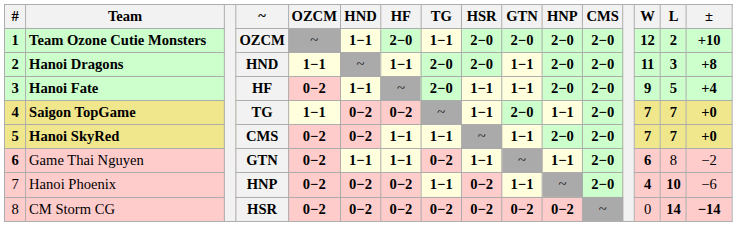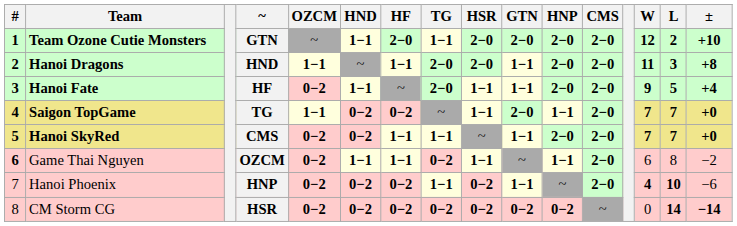 <table class="wikitable" style="font-size: 95%; text-align: center">
 <tr>
 <th style="width:15px;">#</th>
 <th style="width:200px;">Team</th>
 <th rowspan="9" style="width:5px;;"></th>
 <th>~</th>
 <th style="width:35px;" title="">OZCM</th>
 <th style="width:35px;" title="">HND</th>
 <th style="width:35px;" title="">HF</th>
 <th style="width:35px;" title="">TG</th>
 <th style="width:35px;" title="">HSR</th>
 <th style="width:35px;" title="">GTN</th>
 <th style="width:35px;" title="">HNP</th>
 <th style="width:35px;" title="">CMS</th>
 <th rowspan="9" style="width:5px;;"></th>
 <th style="width:20px;" title="Wins">W</th>
 <th style="width:20px;" title="Losses">L</th>
 <th style="width:40px;">±</th>
 </tr>
 <tr style="background:#cfc;">
 <td><strong>1</strong></td>
 <td style="text-align: left"><strong>Team Ozone Cutie Monsters</strong></td>
-<th>OZCM</th>
+<th>GTN</th>
 <td style="background:#aaa;">~</td>
 <td style="background:#ffd;"><strong>1−1</strong></td>
 <td style="background:#cfc;"><strong>2−0</strong></td>
 <td style="background:#ffd;"><strong>1−1</strong></td>
 <td style="background:#cfc;"><strong>2−0</strong></td>
 <td style="background:#cfc;"><strong>2−0</strong></td>
 <td style="background:#cfc;"><strong>2−0</strong></td>
 <td style="background:#cfc;"><strong>2−0</strong></td>
 <td><strong>12</strong></td>
 <td><strong>2</strong></td>
 <td><strong>+10</strong></td>
 </tr>
 <tr style="background:#cfc;">
 <td><strong>2</strong></td>
 <td style="text-align: left"><strong>Hanoi Dragons</strong></td>
 <th>HND</th>
 <td style="background:#ffd;"><strong>1−1</strong></td>
 <td style="background:#aaa;">~</td>
 <td style="background:#ffd;"><strong>1−1</strong></td>
 <td style="background:#cfc;"><strong>2−0</strong></td>
 <td style="background:#cfc;"><strong>2−0</strong></td>
 <td style="background:#ffd;"><strong>1−1</strong></td>
 <td style="background:#cfc;"><strong>2−0</strong></td>
 <td style="background:#cfc;"><strong>2−0</strong></td>
 <td><strong>11</strong></td>
 <td><strong>3</strong></td>
 <td><strong>+8</strong></td>
 </tr>
 <tr style="background:#cfc;">
 <td><strong>3</strong></td>
 <td style="text-align: left"><strong>Hanoi Fate</strong></td>
 <th>HF</th>
 <td style="background:#fcc;"><strong>0−2</strong></td>
 <td style="background:#ffd;"><strong>1−1</strong></td>
 <td style="background:#aaa;">~</td>
 <td style="background:#cfc;"><strong>2−0</strong></td>
 <td style="background:#ffd;"><strong>1−1</strong></td>
 <td style="background:#ffd;"><strong>1−1</strong></td>
 <td style="background:#cfc;"><strong>2−0</strong></td>
 <td style="background:#cfc;"><strong>2−0</strong></td>
 <td><strong>9</strong></td>
 <td><strong>5</strong></td>
 <td><strong>+4</strong></td>
 </tr>
 <tr style="background:#F0E68C;">
 <td><strong>4</strong></td>
 <td style="text-align: left"><strong>Saigon TopGame</strong></td>
 <th>TG</th>
 <td style="background:#ffd;"><strong>1−1</strong></td>
 <td style="background:#fcc;"><strong>0−2</strong></td>
 <td style="background:#fcc;"><strong>0−2</strong></td>
 <td style="background:#aaa;">~</td>
 <td style="background:#ffd;"><strong>1−1</strong></td>
 <td style="background:#cfc;"><strong>2−0</strong></td>
 <td style="background:#ffd;"><strong>1−1</strong></td>
 <td style="background:#cfc;"><strong>2−0</strong></td>
 <td><strong>7</strong></td>
 <td><strong>7</strong></td>
 <td><strong>+0</strong></td>
 </tr>
 <tr style="background:#F0E68C;">
 <td><strong>5</strong></td>
 <td style="text-align: left"><strong>Hanoi SkyRed</strong></td>
 <th>CMS</th>
 <td style="background:#fcc;"><strong>0−2</strong></td>
 <td style="background:#fcc;"><strong>0−2</strong></td>
 <td style="background:#ffd;"><strong>1−1</strong></td>
 <td style="background:#ffd;"><strong>1−1</strong></td>
 <td style="background:#aaa;">~</td>
 <td style="background:#ffd;"><strong>1−1</strong></td>
 <td style="background:#cfc;"><strong>2−0</strong></td>
 <td style="background:#cfc;"><strong>2−0</strong></td>
 <td><strong>7</strong></td>
 <td><strong>7</strong></td>
 <td><strong>+0</strong></td>
 </tr>
 <tr style="background:#fcc;">
 <td><strong>6</strong></td>
 <td style="text-align: left">⁠Game Thai Nguyen</td>
-<th>GTN</th>
+<th>OZCM</th>
 <td style="background:#fcc;"><strong>0−2</strong></td>
 <td style="background:#ffd;"><strong>1−1</strong></td>
 <td style="background:#ffd;"><strong>1−1</strong></td>
 <td style="background:#fcc;"><strong>0−2</strong></td>
 <td style="background:#ffd;"><strong>1−1</strong></td>
 <td style="background:#aaa;">~</td>
 <td style="background:#ffd;"><strong>1−1</strong></td>
 <td style="background:#cfc;"><strong>2−0</strong></td>
-<td><strong>6</strong></td>
+<td>6</td>
 <td>8</td>
 <td>−2</td>
 </tr>
 <tr style="background:#fcc;">
 <td>7</td>
 <td style="text-align: left">Hanoi Phoenix</td>
 <th>HNP</th>
 <td style="background:#fcc;"><strong>0−2</strong></td>
 <td style="background:#fcc;"><strong>0−2</strong></td>
 <td style="background:#fcc;"><strong>0−2</strong></td>
 <td style="background:#ffd;"><strong>1−1</strong></td>
 <td style="background:#fcc;"><strong>0−2</strong></td>
 <td style="background:#ffd;"><strong>1−1</strong></td>
 <td style="background:#aaa;">~</td>
 <td style="background:#cfc;"><strong>2−0</strong></td>
 <td><strong>4</strong></td>
 <td><strong>10</strong></td>
 <td>−6</td>
 </tr>
 <tr style="background:#fcc;">
 <td>8</td>
 <td style="text-align: left">CM Storm CG</td>
 <th>HSR</th>
 <td style="background:#fcc;"><strong>0−2</strong></td>
 <td style="background:#fcc;"><strong>0−2</strong></td>
 <td style="background:#fcc;"><strong>0−2</strong></td>
 <td style="background:#fcc;"><strong>0−2</strong></td>
 <td style="background:#fcc;"><strong>0−2</strong></td>
 <td style="background:#fcc;"><strong>0−2</strong></td>
 <td style="background:#fcc;"><strong>0−2</strong></td>
 <td style="background:#aaa;">~</td>
 <td>0</td>
 <td><strong>14</strong></td>
 <td><strong>−14</strong></td>
 </tr>
 </table>
